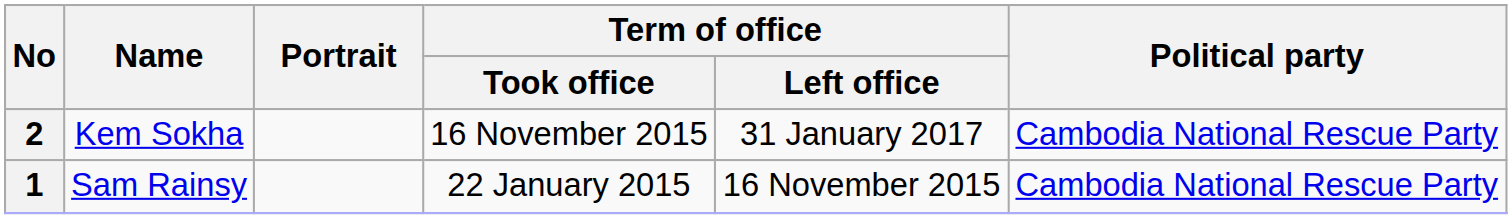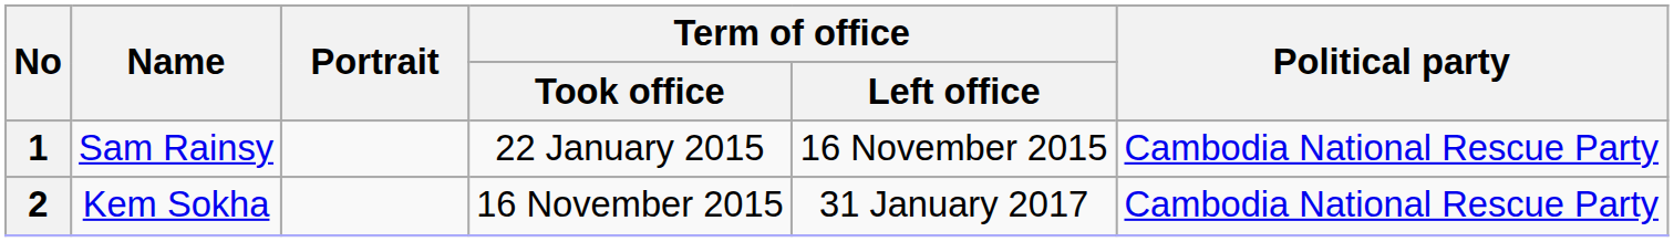 <table class="wikitable" style="text-align:center; border:1px #AAAAFF solid">
 <tr>
 <th rowspan="2">No</th>
 <th rowspan="2">Name</th>
 <th width="75px" rowspan="2">Portrait</th>
 <th colspan="2">Term of office</th>
 <th rowspan="2">Political party</th>
 </tr>
 <tr>
 <th>Took office</th>
 <th>Left office</th>
 </tr>
 <tr>
+<th style="background: ">1</th>
+<td><a href='#'>Sam Rainsy</a></td>
+<td></td>
+<td>22 January 2015</td>
+<td>16 November 2015</td>
+<td><a href='#'>Cambodia National Rescue Party</a></td>
+</tr>
+<tr>
 <th style="background: ">2</th>
 <td><a href='#'>Kem Sokha</a></td>
 <td></td>
 <td>16 November 2015</td>
 <td>31 January 2017</td>
 <td><a href='#'>Cambodia National Rescue Party</a></td>
 </tr>
 <tr>
-<th style="background: ">1</th>
-<td><a href='#'>Sam Rainsy</a></td>
-<td></td>
-<td>22 January 2015</td>
-<td>16 November 2015</td>
-<td><a href='#'>Cambodia National Rescue Party</a></td>
-</tr>
-<tr>
 </tr>
 </table>
